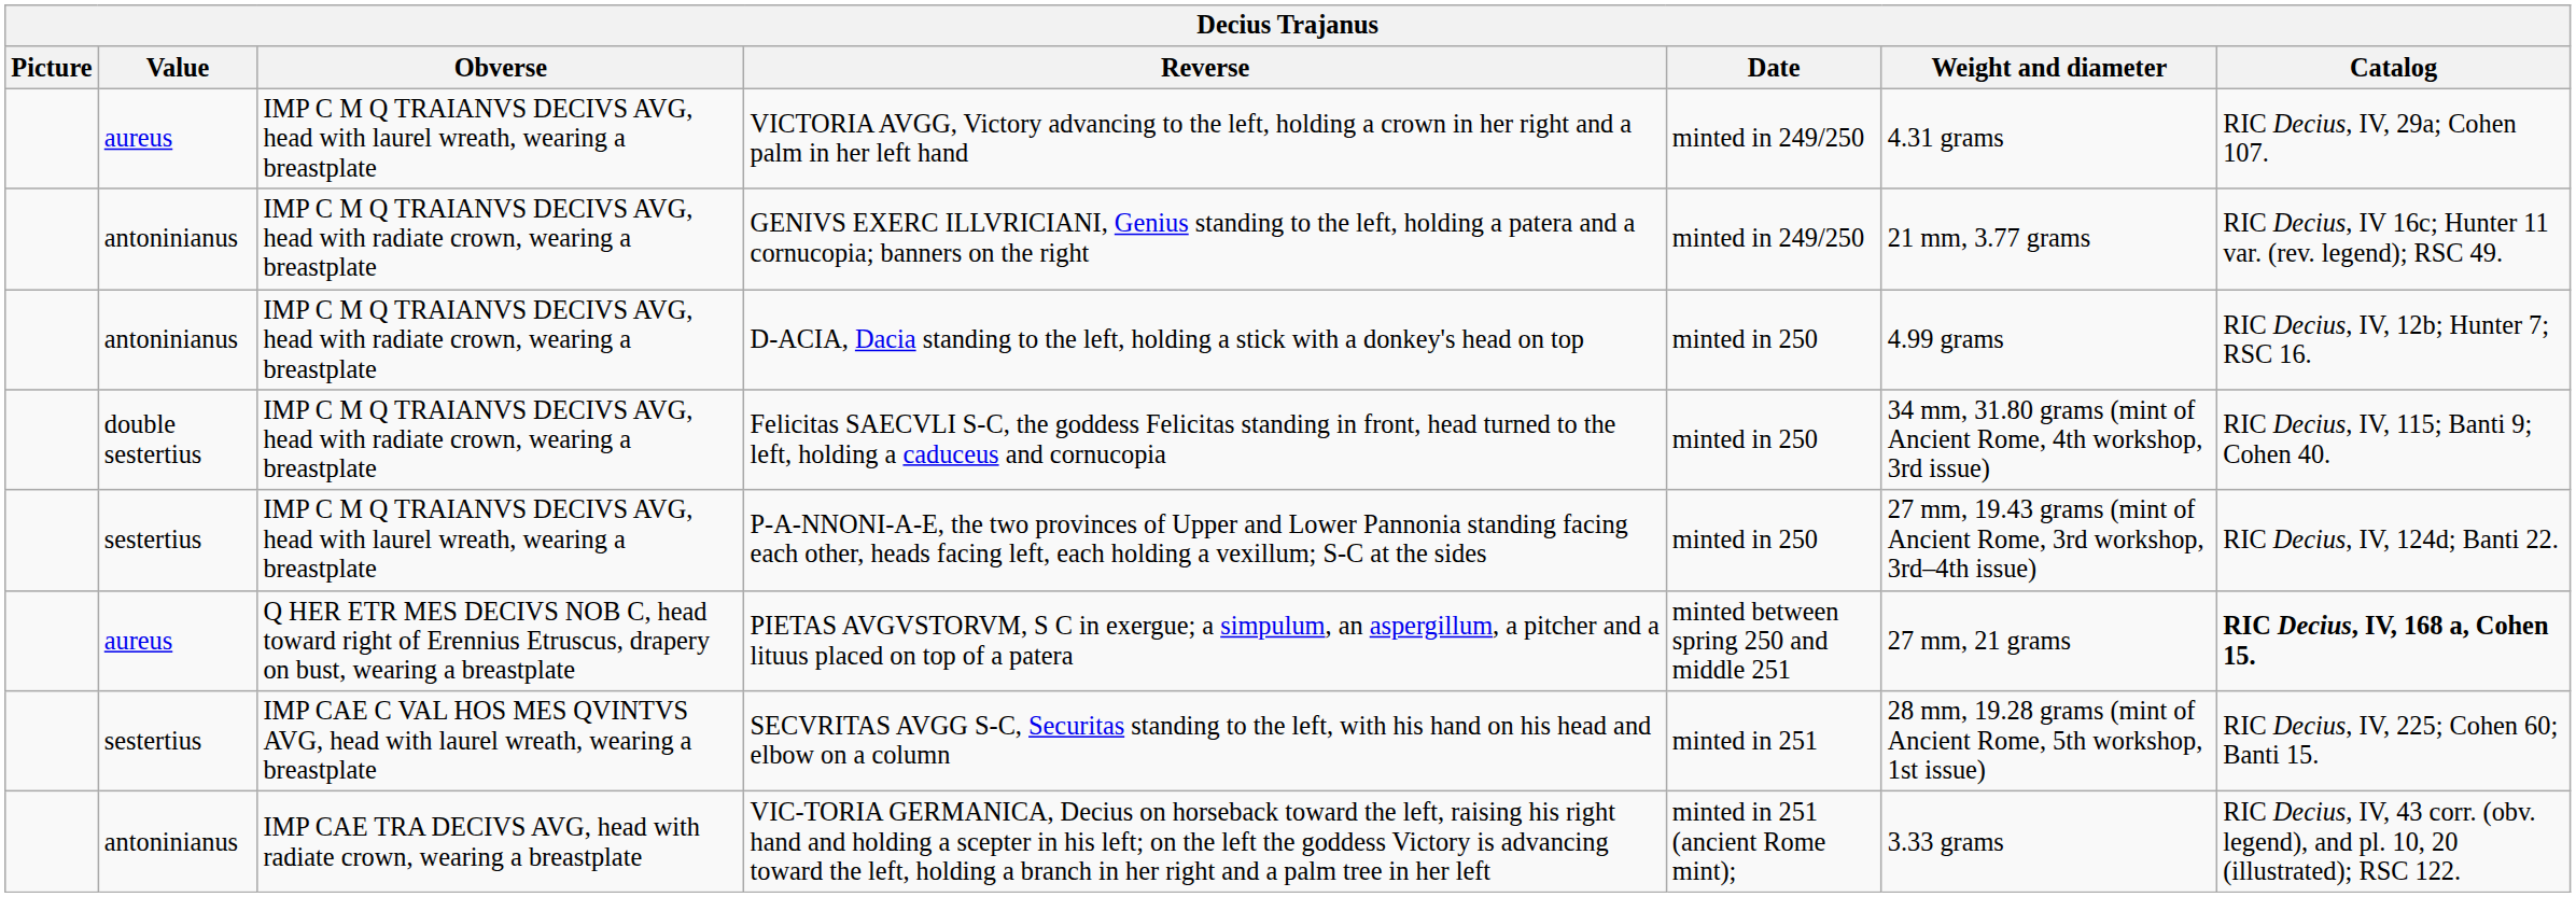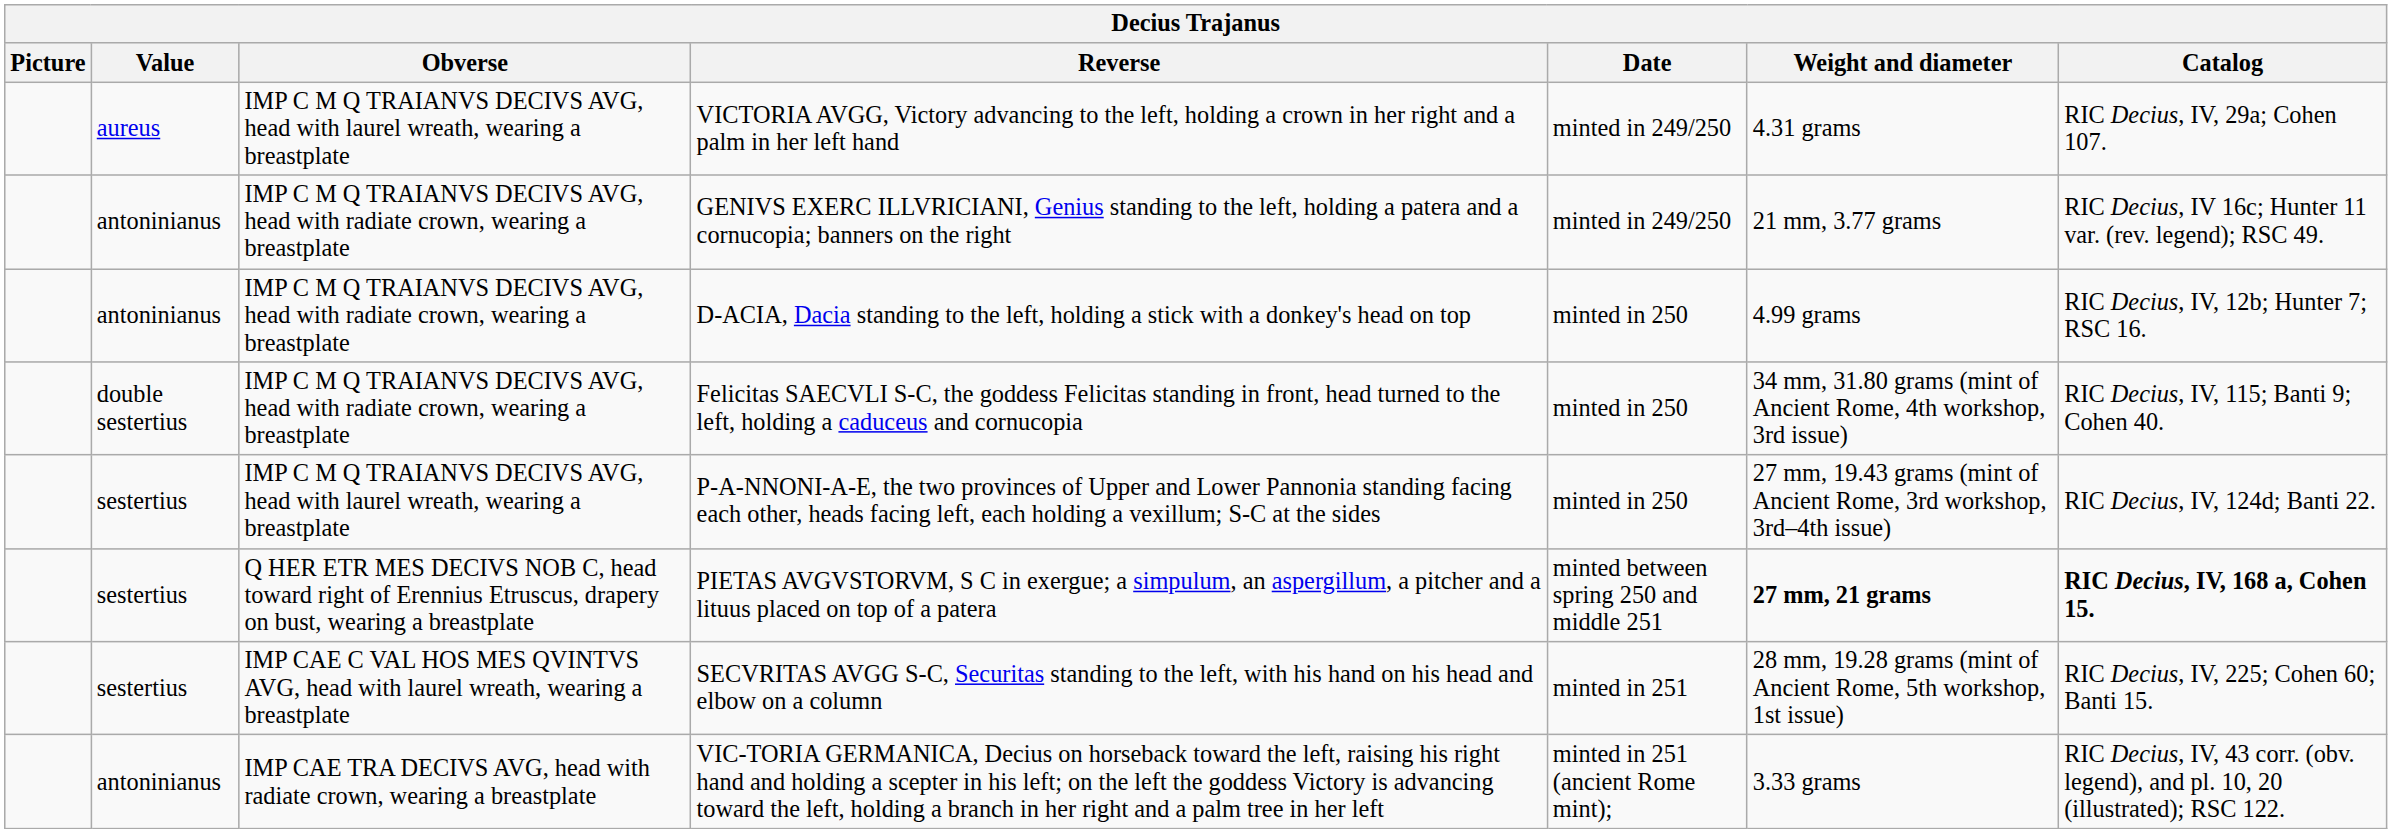 <table class="wikitable">
 <tr>
 <th colspan="7">Decius Trajanus</th>
 </tr>
 <tr>
 <th>Picture</th>
 <th>Value</th>
 <th>Obverse</th>
 <th>Reverse</th>
 <th>Date</th>
 <th>Weight and diameter</th>
 <th>Catalog</th>
 </tr>
 <tr>
 <td></td>
 <td><a href='#'>aureus</a></td>
 <td>IMP C M Q TRAIANVS DECIVS AVG, head with laurel wreath, wearing a breastplate</td>
 <td>VICTORIA AVGG, Victory advancing to the left, holding a crown in her right and a palm in her left hand</td>
 <td>minted in 249/250</td>
 <td>4.31 grams</td>
 <td>RIC <em>Decius</em>, IV, 29a; Cohen 107.</td>
 </tr>
 <tr>
 <td></td>
 <td>antoninianus</td>
 <td>IMP C M Q TRAIANVS DECIVS AVG, head with radiate crown, wearing a breastplate</td>
 <td>GENIVS EXERC ILLVRICIANI, <a href='#'>Genius</a> standing to the left, holding a patera and a cornucopia; banners on the right</td>
 <td>minted in 249/250</td>
 <td>21 mm, 3.77 grams</td>
 <td>RIC <em>Decius</em>, IV 16c; Hunter 11 var. (rev. legend); RSC 49.</td>
 </tr>
 <tr>
 <td></td>
 <td>antoninianus</td>
 <td>IMP C M Q TRAIANVS DECIVS AVG, head with radiate crown, wearing a breastplate</td>
 <td>D-ACIA, <a href='#'>Dacia</a> standing to the left, holding a stick with a donkey's head on top</td>
 <td>minted in 250</td>
 <td>4.99 grams</td>
 <td>RIC <em>Decius</em>, IV, 12b; Hunter 7; RSC 16.</td>
 </tr>
 <tr>
 <td></td>
 <td>double sestertius</td>
 <td>IMP C M Q TRAIANVS DECIVS AVG, head with radiate crown, wearing a breastplate</td>
 <td>Felicitas SAECVLI S-C, the goddess Felicitas standing in front, head turned to the left, holding a <a href='#'>caduceus</a> and cornucopia</td>
 <td>minted in 250</td>
 <td>34 mm, 31.80 grams (mint of Ancient Rome, 4th workshop, 3rd issue)</td>
 <td>RIC <em>Decius</em>, IV, 115; Banti 9; Cohen 40.</td>
 </tr>
 <tr>
 <td></td>
 <td>sestertius</td>
 <td>IMP C M Q TRAIANVS DECIVS AVG, head with laurel wreath, wearing a breastplate</td>
 <td>P-A-NNONI-A-E, the two provinces of Upper and Lower Pannonia standing facing each other, heads facing left, each holding a vexillum; S-C at the sides</td>
 <td>minted in 250</td>
 <td>27 mm, 19.43 grams (mint of Ancient Rome, 3rd workshop, 3rd–4th issue)</td>
 <td>RIC <em>Decius</em>, IV, 124d; Banti 22.</td>
 </tr>
 <tr>
 <td></td>
-<td><a href='#'>aureus</a></td>
+<td>sestertius</td>
 <td>Q HER ETR MES DECIVS NOB C, head toward right of Erennius Etruscus, drapery on bust, wearing a breastplate</td>
 <td>PIETAS AVGVSTORVM, S C in exergue; a <a href='#'>simpulum</a>, an <a href='#'>aspergillum</a>, a pitcher and a lituus placed on top of a patera</td>
 <td>minted between spring 250 and middle 251</td>
-<td>27 mm, 21 grams</td>
+<td><strong>27 mm, 21 grams</strong></td>
 <td><strong>RIC <em>Decius</em>, IV, 168 a, Cohen 15.</strong></td>
 </tr>
 <tr>
 <td></td>
 <td>sestertius</td>
 <td>IMP CAE C VAL HOS MES QVINTVS AVG, head with laurel wreath, wearing a breastplate</td>
 <td>SECVRITAS AVGG S-C, <a href='#'>Securitas</a> standing to the left, with his hand on his head and elbow on a column</td>
 <td>minted in 251</td>
 <td>28 mm, 19.28 grams (mint of Ancient Rome, 5th workshop, 1st issue)</td>
 <td>RIC <em>Decius</em>, IV, 225; Cohen 60; Banti 15.</td>
 </tr>
 <tr>
 <td></td>
 <td>antoninianus</td>
 <td>IMP CAE TRA DECIVS AVG, head with radiate crown, wearing a breastplate</td>
 <td>VIC-TORIA GERMANICA, Decius on horseback toward the left, raising his right hand and holding a scepter in his left; on the left the goddess Victory is advancing toward the left, holding a branch in her right and a palm tree in her left</td>
 <td>minted in 251 (ancient Rome mint);</td>
 <td>3.33 grams</td>
 <td>RIC <em>Decius</em>, IV, 43 corr. (obv. legend), and pl. 10, 20 (illustrated); RSC 122.</td>
 </tr>
 </table>
